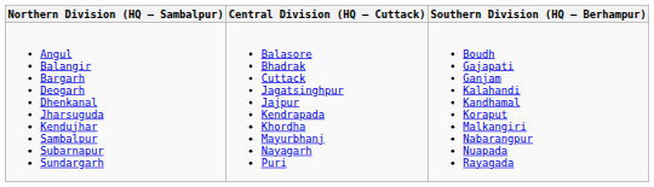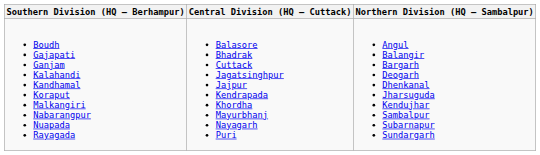 <table class="wikitable" style="text-align: left;">
 <tr>
+<th>Southern Division (HQ – Berhampur)</th>
+<th>Central Division (HQ – Cuttack)</th>
 <th>Northern Division (HQ – Sambalpur)</th>
-<th>Central Division (HQ – Cuttack)</th>
-<th>Southern Division (HQ – Berhampur)</th>
 </tr>
 <tr>
+<td><br><ul><li><a href='#'>Boudh</a></li><li><a href='#'>Gajapati</a></li><li><a href='#'>Ganjam</a></li><li><a href='#'>Kalahandi</a></li><li><a href='#'>Kandhamal</a></li><li><a href='#'>Koraput</a></li><li><a href='#'>Malkangiri</a></li><li><a href='#'>Nabarangpur</a></li><li><a href='#'>Nuapada</a></li><li><a href='#'>Rayagada</a></li></ul></td>
+<td><br><ul><li><a href='#'>Balasore</a></li><li><a href='#'>Bhadrak</a></li><li><a href='#'>Cuttack</a></li><li><a href='#'>Jagatsinghpur</a></li><li><a href='#'>Jajpur</a></li><li><a href='#'>Kendrapada</a></li><li><a href='#'>Khordha</a></li><li><a href='#'>Mayurbhanj</a></li><li><a href='#'>Nayagarh</a></li><li><a href='#'>Puri</a></li></ul></td>
 <td><br><ul><li><a href='#'>Angul</a></li><li><a href='#'>Balangir</a></li><li><a href='#'>Bargarh</a></li><li><a href='#'>Deogarh</a></li><li><a href='#'>Dhenkanal</a></li><li><a href='#'>Jharsuguda</a></li><li><a href='#'>Kendujhar</a></li><li><a href='#'>Sambalpur</a></li><li><a href='#'>Subarnapur</a></li><li><a href='#'>Sundargarh</a></li></ul></td>
-<td><br><ul><li><a href='#'>Balasore</a></li><li><a href='#'>Bhadrak</a></li><li><a href='#'>Cuttack</a></li><li><a href='#'>Jagatsinghpur</a></li><li><a href='#'>Jajpur</a></li><li><a href='#'>Kendrapada</a></li><li><a href='#'>Khordha</a></li><li><a href='#'>Mayurbhanj</a></li><li><a href='#'>Nayagarh</a></li><li><a href='#'>Puri</a></li></ul></td>
-<td><br><ul><li><a href='#'>Boudh</a></li><li><a href='#'>Gajapati</a></li><li><a href='#'>Ganjam</a></li><li><a href='#'>Kalahandi</a></li><li><a href='#'>Kandhamal</a></li><li><a href='#'>Koraput</a></li><li><a href='#'>Malkangiri</a></li><li><a href='#'>Nabarangpur</a></li><li><a href='#'>Nuapada</a></li><li><a href='#'>Rayagada</a></li></ul></td>
 </tr>
 </table>
